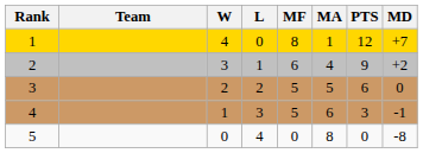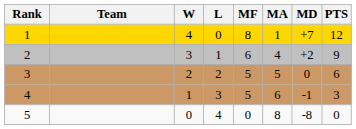 <table class="wikitable" style="text-align:center">
 <tr>
 <th width=50>Rank</th>
 <th width=150>Team</th>
 <th width=30>W</th>
 <th width=30>L</th>
 <th width=30>MF</th>
 <th width=30>MA</th>
+<th width=30>MD</th>
 <th width=30>PTS</th>
-<th width=30>MD</th>
 </tr>
 <tr bgcolor=gold>
 <td>1</td>
 <td style="text-align:left;"></td>
 <td>4</td>
 <td>0</td>
 <td>8</td>
 <td>1</td>
+<td>+7</td>
 <td>12</td>
-<td>+7</td>
 </tr>
 <tr bgcolor=silver>
 <td>2</td>
 <td style="text-align:left;"></td>
 <td>3</td>
 <td>1</td>
 <td>6</td>
 <td>4</td>
+<td>+2</td>
 <td>9</td>
-<td>+2</td>
 </tr>
 <tr bgcolor=#cc9966>
 <td>3</td>
 <td style="text-align:left;"></td>
 <td>2</td>
 <td>2</td>
 <td>5</td>
 <td>5</td>
+<td>0</td>
 <td>6</td>
-<td>0</td>
 </tr>
 <tr bgcolor=#cc9966>
 <td>4</td>
 <td style="text-align:left;"></td>
 <td>1</td>
 <td>3</td>
 <td>5</td>
 <td>6</td>
+<td>-1</td>
 <td>3</td>
-<td>-1</td>
 </tr>
 <tr>
 <td>5</td>
 <td style="text-align:left;"></td>
 <td>0</td>
 <td>4</td>
 <td>0</td>
 <td>8</td>
+<td>-8</td>
 <td>0</td>
-<td>-8</td>
 </tr>
 </table>
